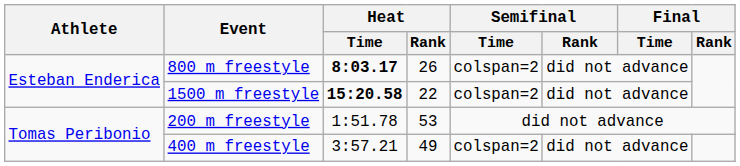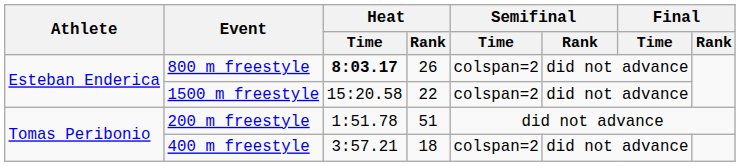 <table class=wikitable style="font-size:90%">
 <tr>
 <th rowspan="2">Athlete</th>
 <th rowspan="2">Event</th>
 <th colspan="2">Heat</th>
 <th colspan="2">Semifinal</th>
 <th colspan="2">Final</th>
 </tr>
 <tr style="font-size:95%">
 <th>Time</th>
 <th>Rank</th>
 <th>Time</th>
 <th>Rank</th>
 <th>Time</th>
 <th>Rank</th>
 </tr>
 <tr align=center>
 <td align=left rowspan=2><a href='#'>Esteban Enderica</a></td>
 <td align=left><a href='#'>800 m freestyle</a></td>
 <td><strong>8:03.17</strong></td>
 <td>26</td>
 <td>colspan=2 </td>
 <td colspan=2>did not advance</td>
 </tr>
 <tr align=center>
 <td align=left><a href='#'>1500 m freestyle</a></td>
-<td><strong>15:20.58</strong></td>
+<td>15:20.58</td>
 <td>22</td>
 <td>colspan=2 </td>
 <td colspan=2>did not advance</td>
 </tr>
 <tr align=center>
 <td align=left rowspan=2><a href='#'>Tomas Peribonio</a></td>
 <td align=left><a href='#'>200 m freestyle</a></td>
 <td>1:51.78</td>
-<td>53</td>
+<td>51</td>
 <td colspan=4>did not advance</td>
 </tr>
 <tr align=center>
 <td align=left><a href='#'>400 m freestyle</a></td>
 <td>3:57.21</td>
-<td>49</td>
+<td>18</td>
 <td>colspan=2 </td>
 <td colspan=2>did not advance</td>
 </tr>
 </table>
